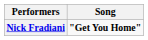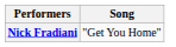 <table class="wikitable" style="text-align:center;">
 <tr>
 <th scope="col">Performers</th>
 <th scope="col">Song</th>
 </tr>
 <tr>
 <th scope="row"><a href='#'>Nick Fradiani</a></th>
-<td><strong>"Get You Home"</strong></td>
+<td>"Get You Home"</td>
 </tr>
 </table>
